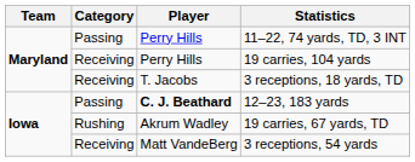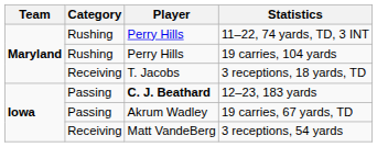 <table class="wikitable" style="float: left;">
 <tr>
 <th>Team</th>
 <th>Category</th>
 <th>Player</th>
 <th>Statistics</th>
 </tr>
 <tr>
 <td rowspan=3><strong>Maryland</strong></td>
-<td>Passing</td>
+<td>Rushing</td>
 <td><a href='#'>Perry Hills</a></td>
 <td>11–22, 74 yards, TD, 3 INT</td>
 </tr>
 <tr>
-<td>Receiving</td>
+<td>Rushing</td>
 <td>Perry Hills</td>
 <td>19 carries, 104 yards</td>
 </tr>
 <tr>
 <td>Receiving</td>
 <td>T. Jacobs</td>
 <td>3 receptions, 18 yards, TD</td>
 </tr>
 <tr>
 <td rowspan=3><strong>Iowa</strong></td>
 <td>Passing</td>
 <td><strong>C. J. Beathard</strong></td>
 <td>12–23, 183 yards</td>
 </tr>
 <tr>
-<td>Rushing</td>
+<td>Passing</td>
 <td>Akrum Wadley</td>
 <td>19 carries, 67 yards, TD</td>
 </tr>
 <tr>
 <td>Receiving</td>
 <td>Matt VandeBerg</td>
 <td>3 receptions, 54 yards</td>
 </tr>
 </table>
